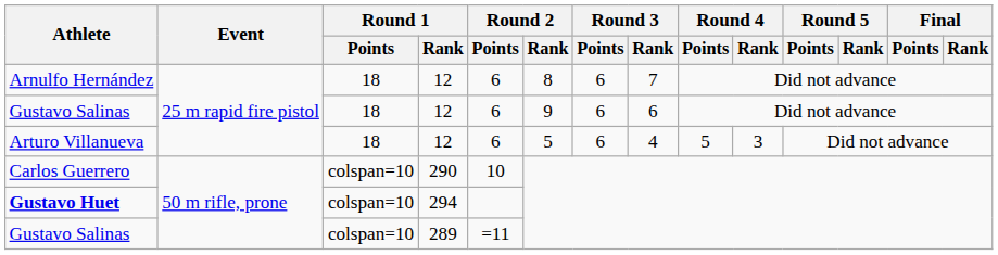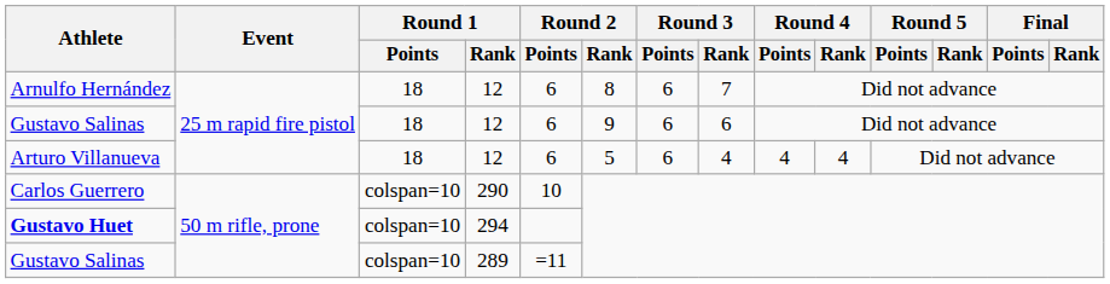 <table class="wikitable" style="font-size:90%;">
 <tr>
 <th rowspan=2>Athlete</th>
 <th rowspan=2>Event</th>
 <th colspan=2>Round 1</th>
 <th colspan=2>Round 2</th>
 <th colspan=2>Round 3</th>
 <th colspan=2>Round 4</th>
 <th colspan=2>Round 5</th>
 <th colspan=2>Final</th>
 </tr>
 <tr style="font-size:95%">
 <th>Points</th>
 <th>Rank</th>
 <th>Points</th>
 <th>Rank</th>
 <th>Points</th>
 <th>Rank</th>
 <th>Points</th>
 <th>Rank</th>
 <th>Points</th>
 <th>Rank</th>
 <th>Points</th>
 <th>Rank</th>
 </tr>
 <tr align=center>
 <td align=left><a href='#'>Arnulfo Hernández</a></td>
 <td align=left rowspan=3><a href='#'>25 m rapid fire pistol</a></td>
 <td>18</td>
 <td>12</td>
 <td>6</td>
 <td>8</td>
 <td>6</td>
 <td>7</td>
 <td colspan=6>Did not advance</td>
 </tr>
 <tr align=center>
 <td align=left><a href='#'>Gustavo Salinas</a></td>
 <td>18</td>
 <td>12</td>
 <td>6</td>
 <td>9</td>
 <td>6</td>
 <td>6</td>
 <td colspan=6>Did not advance</td>
 </tr>
 <tr align=center>
 <td align=left><a href='#'>Arturo Villanueva</a></td>
 <td>18</td>
 <td>12</td>
 <td>6</td>
 <td>5</td>
 <td>6</td>
 <td>4</td>
-<td>5</td>
-<td>3</td>
+<td>4</td>
+<td>4</td>
 <td colspan=4>Did not advance</td>
 </tr>
 <tr align=center>
 <td align=left><a href='#'>Carlos Guerrero</a></td>
 <td align=left rowspan=3><a href='#'>50 m rifle, prone</a></td>
 <td>colspan=10 </td>
 <td>290</td>
 <td>10</td>
 </tr>
 <tr align=center>
 <td align=left><strong><a href='#'>Gustavo Huet</a></strong></td>
 <td>colspan=10 </td>
 <td>294</td>
 <td></td>
 </tr>
 <tr align=center>
 <td align=left><a href='#'>Gustavo Salinas</a></td>
 <td>colspan=10 </td>
 <td>289</td>
 <td>=11</td>
 </tr>
 </table>
